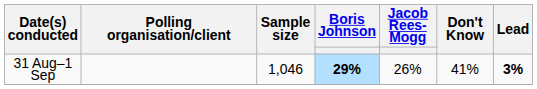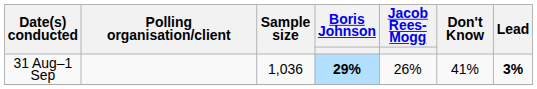 <table class="wikitable collapsible sortable" style="text-align:center;font-size:100%;line-height:14px">
 <tr valign= center>
 <th style="width:80px;" rowspan="2">Date(s)<br>conducted</th>
 <th style="width:200px;" rowspan="2">Polling organisation/client</th>
 <th style="width:60px;" rowspan="2">Sample size</th>
 <th style="width:60px;" class="unsortable"><a href='#'>Boris <br> Johnson</a></th>
 <th style="width:60px;" class="unsortable"><a href='#'>Jacob <br> Rees-Mogg</a></th>
 <th style="width:60px;" rowspan="2" class="unsortable">Don't <br> Know</th>
 <th class="unsortable" style="width:20px;" rowspan="2">Lead</th>
 </tr>
 <tr>
 <th class="unsortable" style="color:inherit;background:"></th>
 <th class="unsortable" style="color:inherit;background:"></th>
 </tr>
 <tr>
 <td rowspan=1>31 Aug–1 Sep</td>
 <td rowspan=1></td>
-<td rowspan=1>1,046</td>
+<td rowspan=1>1,036</td>
 <td style="background:#B3E0FF"><strong>29%</strong></td>
 <td>26%</td>
 <td>41%</td>
 <td style="background:"><strong>3%</strong></td>
 </tr>
 <tr>
 </tr>
 </table>
